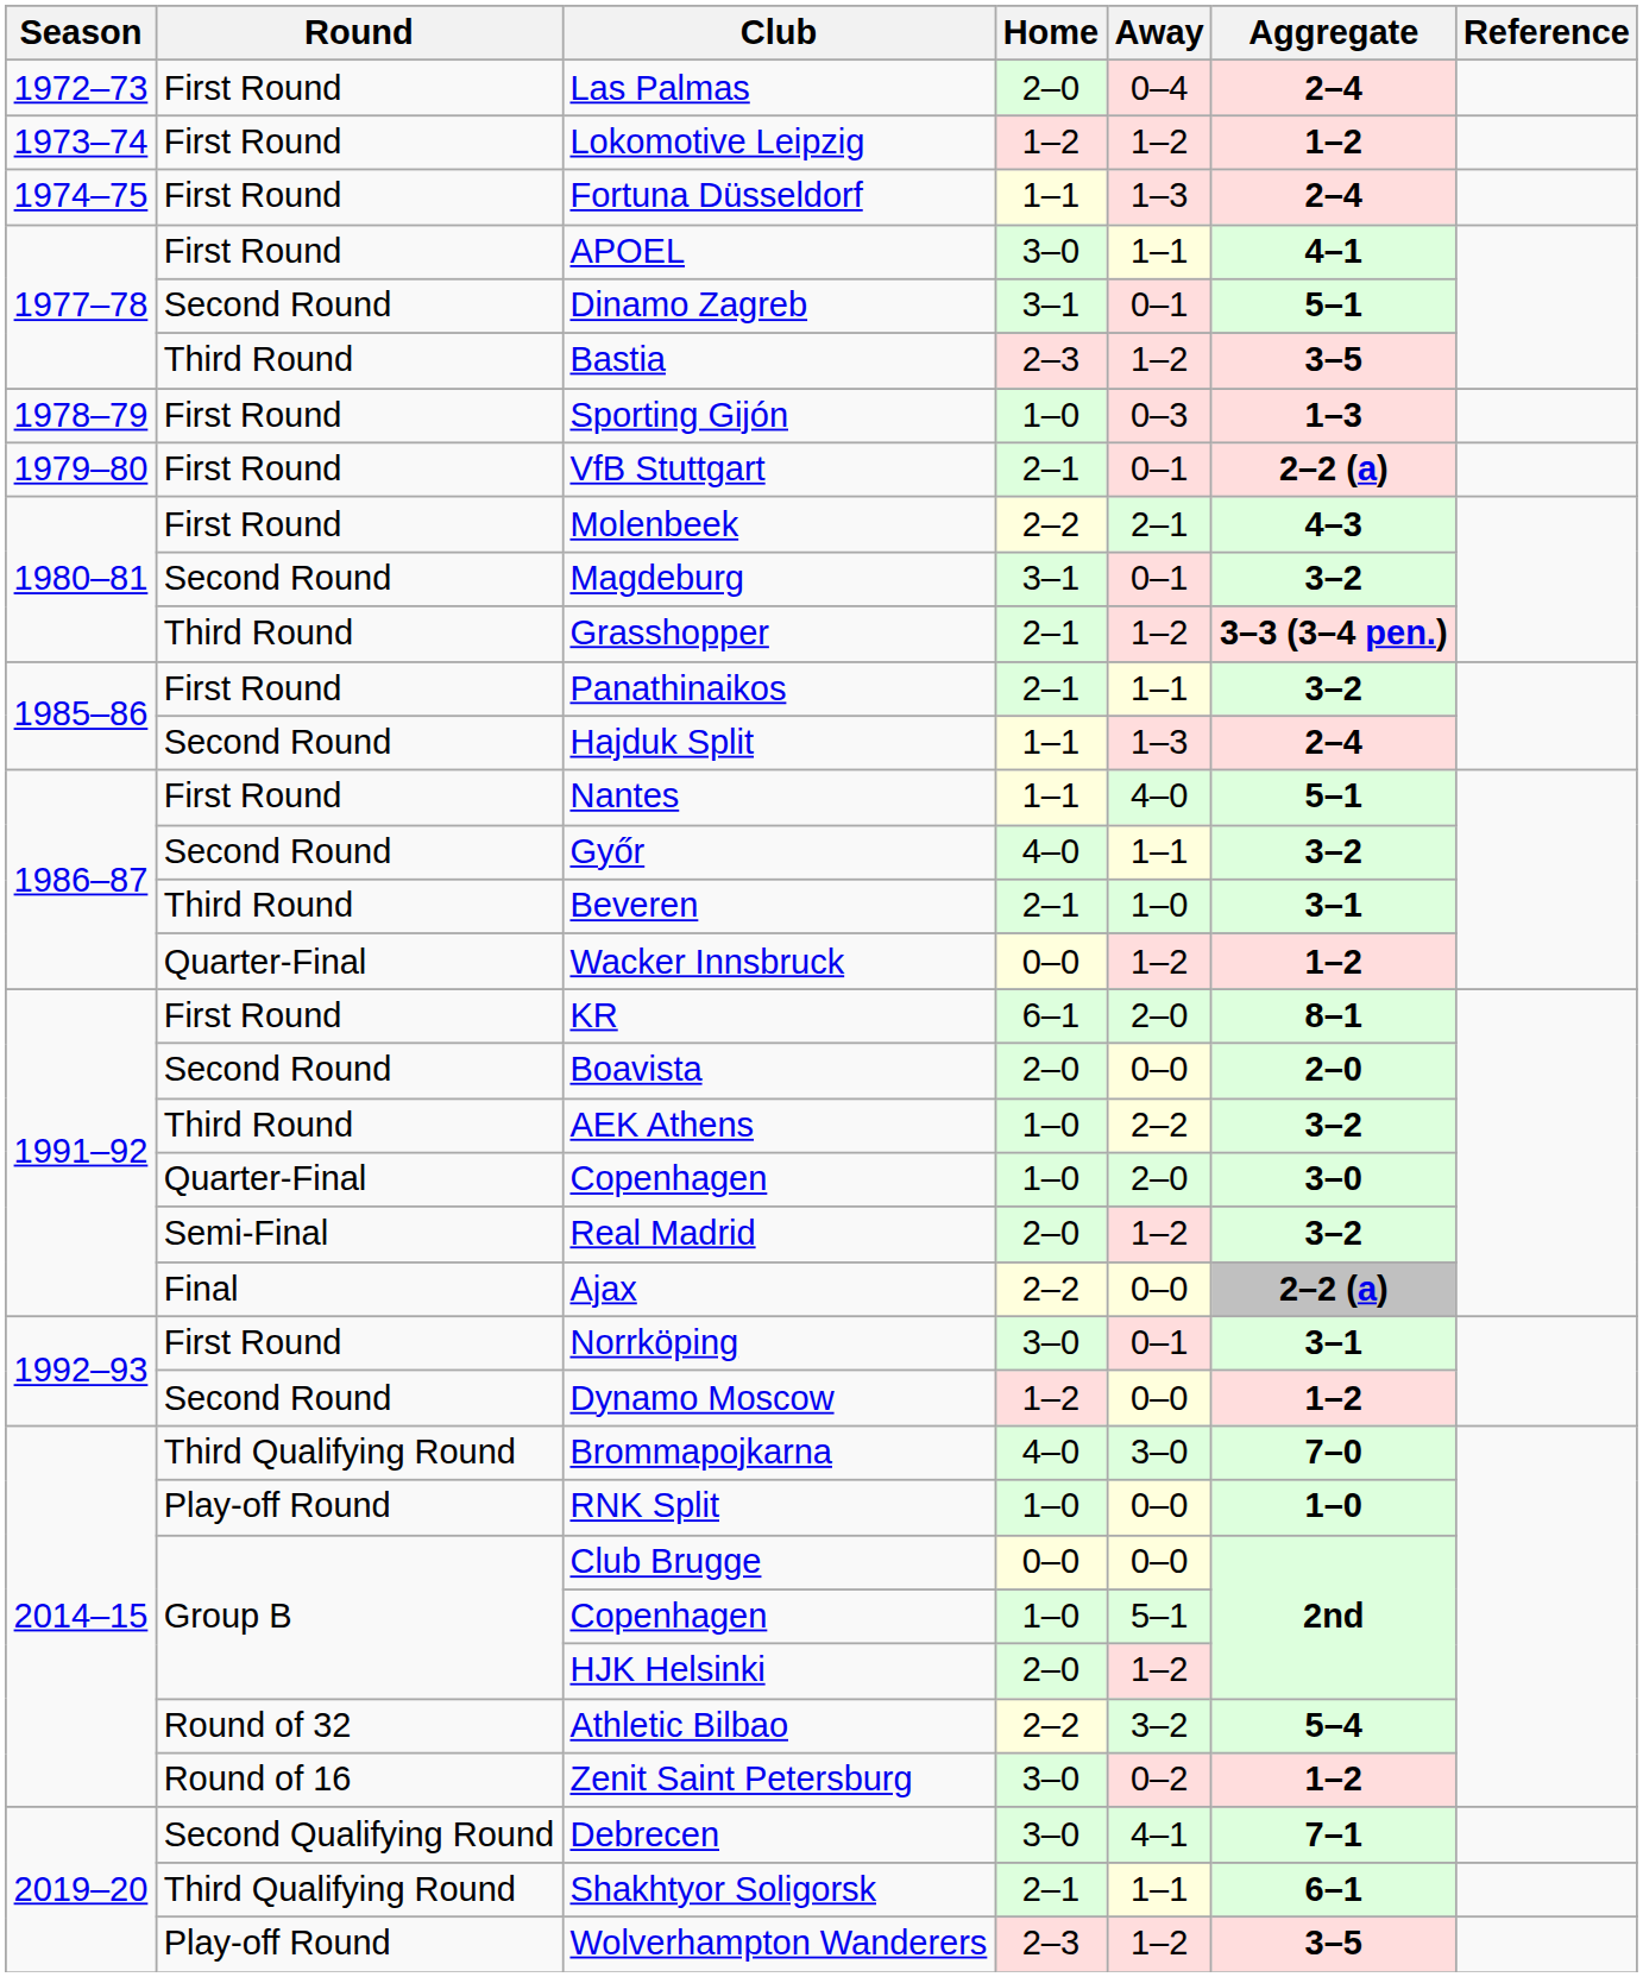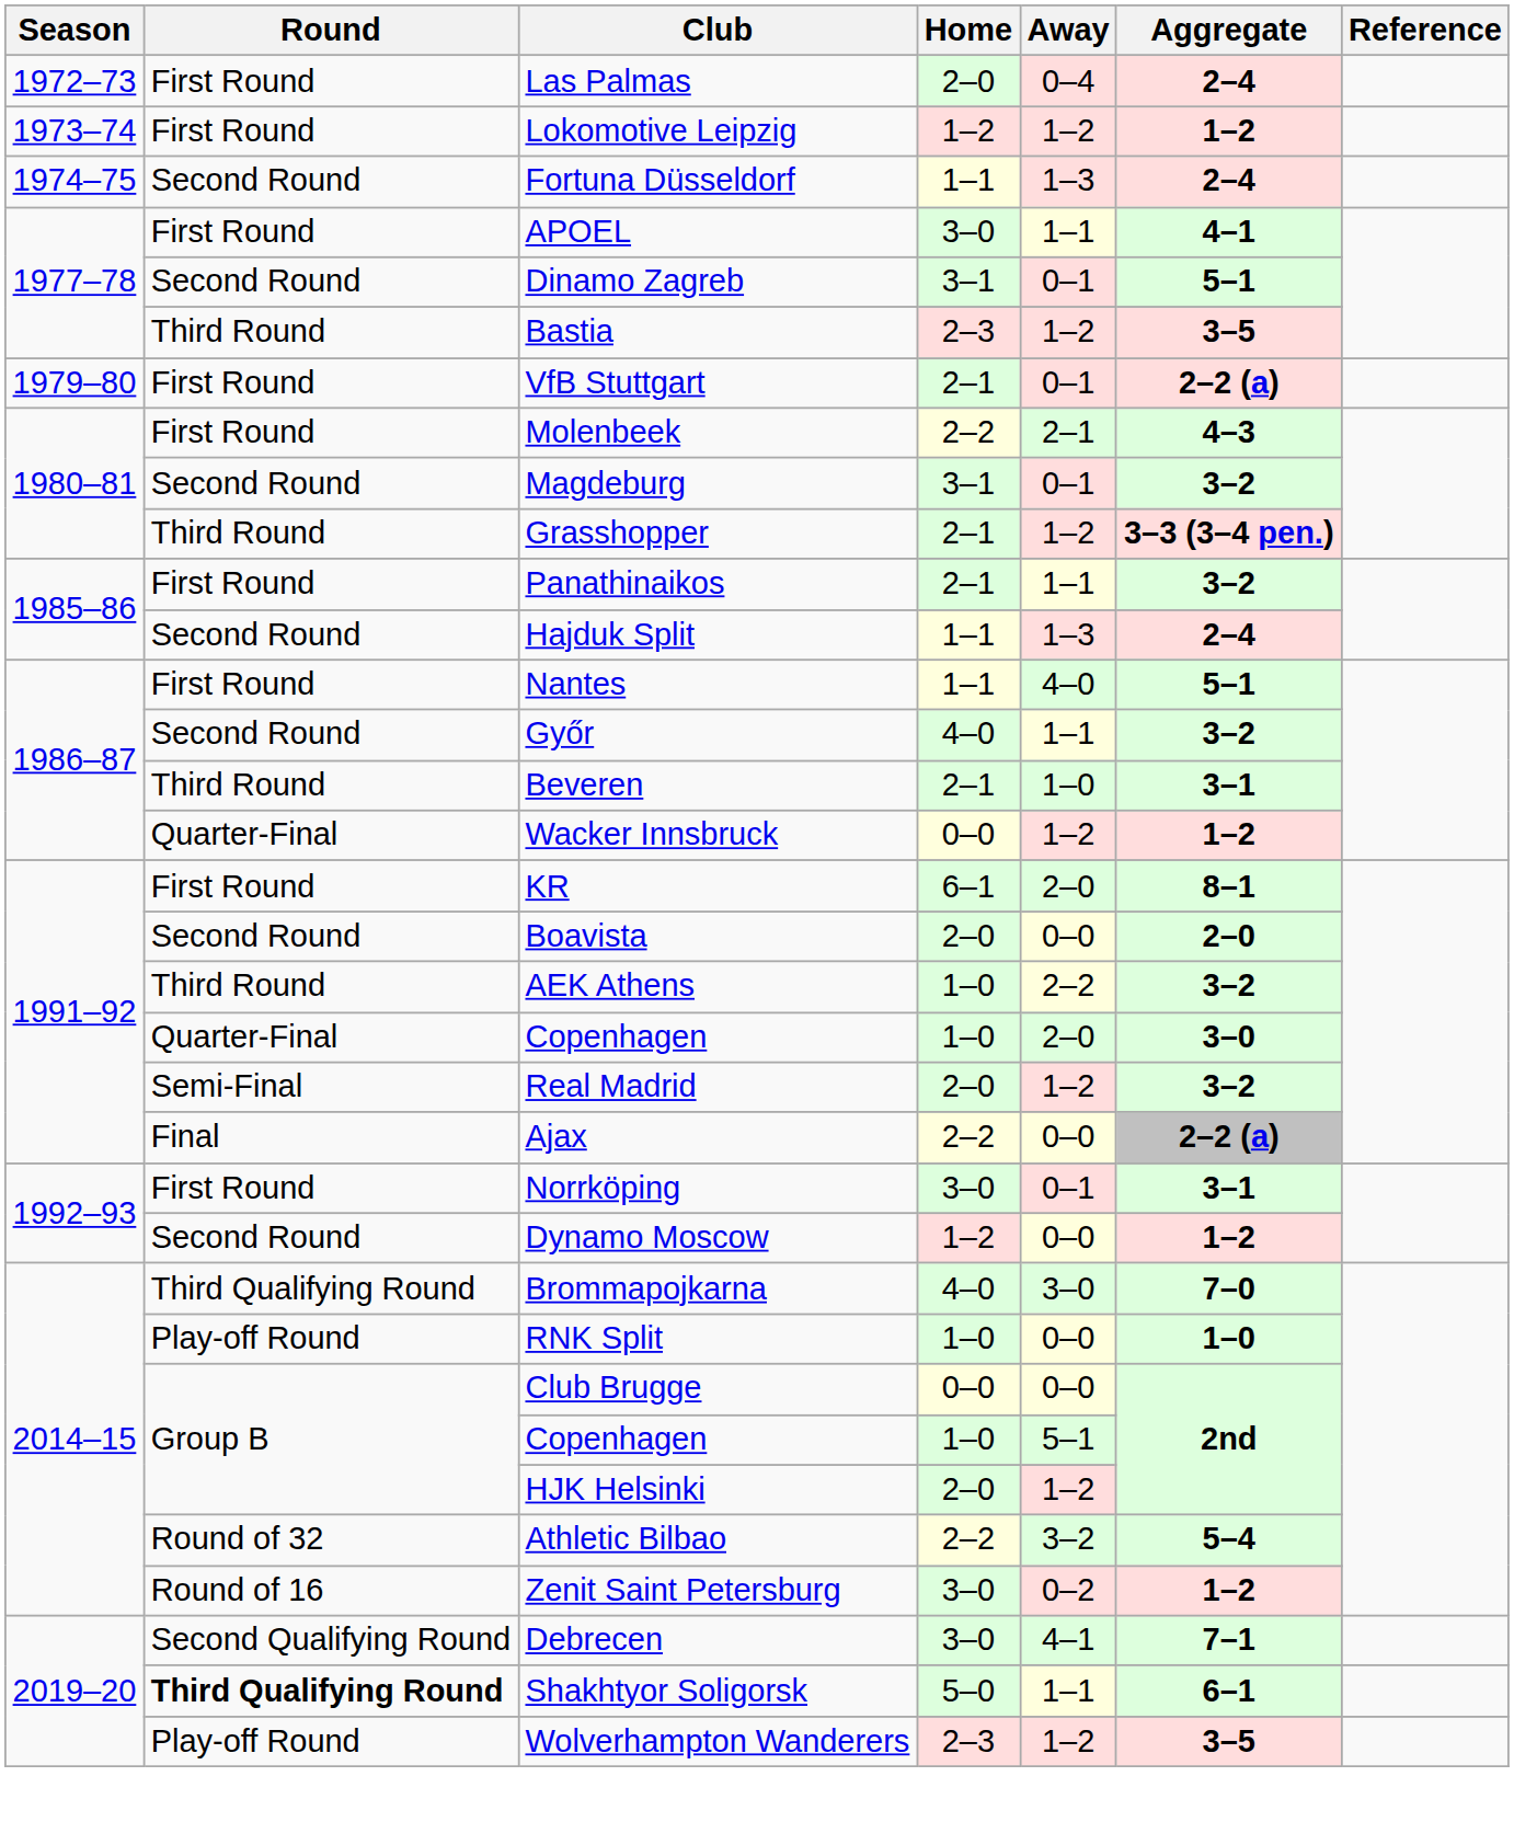 <table class="wikitable">
 <tr>
 <th>Season</th>
 <th>Round</th>
 <th>Club</th>
 <th>Home</th>
 <th>Away</th>
 <th>Aggregate</th>
 <th>Reference</th>
 </tr>
 <tr>
 <td><a href='#'>1972–73</a></td>
 <td>First Round</td>
 <td> <a href='#'>Las Palmas</a></td>
 <td style="text-align:center; background:#dfd;">2–0</td>
 <td style="text-align:center; background:#fdd;">0–4</td>
 <td style="text-align:center; background:#fdd"><strong>2–4</strong></td>
 <td style="text-align:center;"></td>
 </tr>
 <tr>
 <td><a href='#'>1973–74</a></td>
 <td>First Round</td>
 <td> <a href='#'>Lokomotive Leipzig</a></td>
 <td style="text-align:center; background:#fdd;">1–2</td>
 <td style="text-align:center; background:#fdd;">1–2</td>
 <td style="text-align:center; background:#fdd"><strong>1–2</strong></td>
 <td style="text-align:center;"></td>
 </tr>
 <tr>
 <td><a href='#'>1974–75</a></td>
-<td>First Round</td>
+<td>Second Round</td>
 <td> <a href='#'>Fortuna Düsseldorf</a></td>
 <td style="text-align:center; background:#ffd;">1–1</td>
 <td style="text-align:center; background:#fdd;">1–3</td>
 <td style="text-align:center; background:#fdd"><strong>2–4</strong></td>
 <td style="text-align:center;"></td>
 </tr>
 <tr>
 <td rowspan=3><a href='#'>1977–78</a></td>
 <td>First Round</td>
 <td> <a href='#'>APOEL</a></td>
 <td style="text-align:center; background:#dfd;">3–0</td>
 <td style="text-align:center; background:#ffd;">1–1</td>
 <td style="text-align:center; background:#dfd"><strong>4–1</strong></td>
 <td rowspan=3 style="text-align:center;"></td>
 </tr>
 <tr>
 <td>Second Round</td>
 <td> <a href='#'>Dinamo Zagreb</a></td>
 <td style="text-align:center; background:#dfd;">3–1</td>
 <td style="text-align:center; background:#fdd;">0–1</td>
 <td style="text-align:center; background:#dfd"><strong>5–1</strong></td>
 </tr>
 <tr>
 <td>Third Round</td>
 <td> <a href='#'>Bastia</a></td>
 <td style="text-align:center; background:#fdd;">2–3</td>
 <td style="text-align:center; background:#fdd;">1–2</td>
 <td style="text-align:center; background:#fdd"><strong>3–5</strong></td>
-</tr>
-<tr>
-<td><a href='#'>1978–79</a></td>
-<td>First Round</td>
-<td> <a href='#'>Sporting Gijón</a></td>
-<td style="text-align:center; background:#dfd;">1–0</td>
-<td style="text-align:center; background:#fdd;">0–3</td>
-<td style="text-align:center; background:#fdd"><strong>1–3</strong></td>
-<td style="text-align:center;"></td>
 </tr>
 <tr>
 <td><a href='#'>1979–80</a></td>
 <td>First Round</td>
 <td> <a href='#'>VfB Stuttgart</a></td>
 <td style="text-align:center; background:#dfd;">2–1</td>
 <td style="text-align:center; background:#fdd;">0–1</td>
 <td style="text-align:center; background:#fdd"><strong>2–2  (<a href='#'>a</a>)</strong></td>
 <td style="text-align:center;"></td>
 </tr>
 <tr>
 <td rowspan=3><a href='#'>1980–81</a><br></td>
 <td>First Round</td>
 <td> <a href='#'>Molenbeek</a></td>
 <td style="text-align:center; background:#ffd;">2–2 </td>
 <td style="text-align:center; background:#dfd;">2–1</td>
 <td style="text-align:center; background:#dfd"><strong>4–3</strong></td>
 <td rowspan=3 style="text-align:center;"></td>
 </tr>
 <tr>
 <td>Second Round</td>
 <td> <a href='#'>Magdeburg</a></td>
 <td style="text-align:center; background:#dfd;">3–1</td>
 <td style="text-align:center; background:#fdd;">0–1</td>
 <td style="text-align:center; background:#dfd"><strong>3–2</strong></td>
 </tr>
 <tr>
 <td>Third Round</td>
 <td> <a href='#'>Grasshopper</a></td>
 <td style="text-align:center; background:#dfd;">2–1</td>
 <td style="text-align:center; background:#fdd;">1–2</td>
 <td style="text-align:center; background:#fdd"><strong>3–3 (3–4 <a href='#'>pen.</a>)</strong></td>
 </tr>
 <tr>
 <td rowspan=2><a href='#'>1985–86</a></td>
 <td>First Round</td>
 <td> <a href='#'>Panathinaikos</a></td>
 <td style="text-align:center; background:#dfd;">2–1</td>
 <td style="text-align:center; background:#ffd;">1–1</td>
 <td style="text-align:center; background:#dfd"><strong>3–2</strong></td>
 <td rowspan=2 style="text-align:center;"></td>
 </tr>
 <tr>
 <td>Second Round</td>
 <td> <a href='#'>Hajduk Split</a></td>
 <td style="text-align:center; background:#ffd;">1–1</td>
 <td style="text-align:center; background:#fdd;">1–3</td>
 <td style="text-align:center; background:#fdd"><strong>2–4</strong></td>
 </tr>
 <tr>
 <td rowspan=4><a href='#'>1986–87</a></td>
 <td>First Round</td>
 <td> <a href='#'>Nantes</a></td>
 <td style="text-align:center; background:#ffd;">1–1</td>
 <td style="text-align:center; background:#dfd;">4–0</td>
 <td style="text-align:center; background:#dfd"><strong>5–1</strong></td>
 <td rowspan=4 style="text-align:center;"></td>
 </tr>
 <tr>
 <td>Second Round</td>
 <td> <a href='#'>Győr</a></td>
 <td style="text-align:center; background:#dfd;">4–0</td>
 <td style="text-align:center; background:#ffd;">1–1</td>
 <td style="text-align:center; background:#dfd"><strong>3–2</strong></td>
 </tr>
 <tr>
 <td>Third Round</td>
 <td> <a href='#'>Beveren</a></td>
 <td style="text-align:center; background:#dfd;">2–1</td>
 <td style="text-align:center; background:#dfd;">1–0</td>
 <td style="text-align:center; background:#dfd"><strong>3–1</strong></td>
 </tr>
 <tr>
 <td>Quarter-Final</td>
 <td> <a href='#'>Wacker Innsbruck</a></td>
 <td style="text-align:center; background:#ffd;">0–0</td>
 <td style="text-align:center; background:#fdd;">1–2</td>
 <td style="text-align:center; background:#fdd"><strong>1–2</strong></td>
 </tr>
 <tr>
 <td rowspan=6><a href='#'>1991–92</a></td>
 <td>First Round</td>
 <td> <a href='#'>KR</a></td>
 <td style="text-align:center; background:#dfd;">6–1</td>
 <td style="text-align:center; background:#dfd;">2–0</td>
 <td style="text-align:center; background:#dfd"><strong>8–1</strong></td>
 <td rowspan=6 style="text-align:center;"></td>
 </tr>
 <tr>
 <td>Second Round</td>
 <td> <a href='#'>Boavista</a></td>
 <td style="text-align:center; background:#dfd;">2–0</td>
 <td style="text-align:center; background:#ffd;">0–0</td>
 <td style="text-align:center; background:#dfd"><strong>2–0</strong></td>
 </tr>
 <tr>
 <td>Third Round</td>
 <td> <a href='#'>AEK Athens</a></td>
 <td style="text-align:center; background:#dfd;">1–0</td>
 <td style="text-align:center; background:#ffd;">2–2</td>
 <td style="text-align:center; background:#dfd"><strong>3–2</strong></td>
 </tr>
 <tr>
 <td>Quarter-Final</td>
 <td> <a href='#'>Copenhagen</a></td>
 <td style="text-align:center; background:#dfd;">1–0</td>
 <td style="text-align:center; background:#dfd;">2–0</td>
 <td style="text-align:center; background:#dfd"><strong>3–0</strong></td>
 </tr>
 <tr>
 <td>Semi-Final</td>
 <td> <a href='#'>Real Madrid</a></td>
 <td style="text-align:center; background:#dfd;">2–0</td>
 <td style="text-align:center; background:#fdd;">1–2</td>
 <td style="text-align:center; background:#dfd"><strong>3–2</strong></td>
 </tr>
 <tr>
 <td>Final</td>
 <td> <a href='#'>Ajax</a></td>
 <td style="text-align:center; background:#ffd;">2–2</td>
 <td style="text-align:center; background:#ffd;">0–0</td>
 <td bgcolor=Silver style="text-align:center;"><strong>2–2  (<a href='#'>a</a>)</strong></td>
 </tr>
 <tr>
 <td rowspan=2><a href='#'>1992–93</a></td>
 <td>First Round</td>
 <td> <a href='#'>Norrköping</a></td>
 <td style="text-align:center; background:#dfd;">3–0</td>
 <td style="text-align:center; background:#fdd;">0–1</td>
 <td style="text-align:center; background:#dfd"><strong>3–1</strong></td>
 <td rowspan=2 style="text-align:center;"></td>
 </tr>
 <tr>
 <td>Second Round</td>
 <td> <a href='#'>Dynamo Moscow</a></td>
 <td style="text-align:center; background:#fdd;">1–2</td>
 <td style="text-align:center; background:#ffd;">0–0</td>
 <td style="text-align:center; background:#fdd"><strong>1–2</strong></td>
 </tr>
 <tr>
 <td rowspan=7><a href='#'>2014–15</a><br></td>
 <td>Third Qualifying Round</td>
 <td> <a href='#'>Brommapojkarna</a></td>
 <td style="text-align:center; background:#dfd;">4–0</td>
 <td style="text-align:center; background:#dfd;">3–0</td>
 <td style="text-align:center; background:#dfd"><strong>7–0</strong></td>
 <td rowspan=7 style="text-align:center;"></td>
 </tr>
 <tr>
 <td>Play-off Round</td>
 <td> <a href='#'>RNK Split</a></td>
 <td style="text-align:center; background:#dfd;">1–0</td>
 <td style="text-align:center; background:#ffd;">0–0</td>
 <td style="text-align:center; background:#dfd"><strong>1–0</strong></td>
 </tr>
 <tr>
 <td rowspan=3>Group B</td>
 <td> <a href='#'>Club Brugge</a></td>
 <td style="text-align:center; background:#ffd;">0–0</td>
 <td style="text-align:center; background:#ffd;">0–0</td>
 <td style="text-align:center; background:#dfd" rowspan=3><strong>2nd</strong></td>
 </tr>
 <tr>
 <td> <a href='#'>Copenhagen</a></td>
 <td style="text-align:center; background:#dfd;">1–0</td>
 <td style="text-align:center; background:#dfd;">5–1</td>
 </tr>
 <tr>
 <td> <a href='#'>HJK Helsinki</a></td>
 <td style="text-align:center; background:#dfd;">2–0</td>
 <td style="text-align:center; background:#fdd;">1–2</td>
 </tr>
 <tr>
 <td>Round of 32</td>
 <td> <a href='#'>Athletic Bilbao</a></td>
 <td style="text-align:center; background:#ffd;">2–2</td>
 <td style="text-align:center; background:#dfd;">3–2</td>
 <td style="text-align:center; background:#dfd;"><strong>5–4</strong></td>
 </tr>
 <tr>
 <td>Round of 16</td>
 <td> <a href='#'>Zenit Saint Petersburg</a></td>
 <td style="text-align:center; background:#dfd;">3–0</td>
 <td style="text-align:center; background:#fdd;">0–2</td>
 <td style="text-align:center; background:#fdd;"><strong>1–2</strong></td>
 </tr>
 <tr>
 <td rowspan=3><a href='#'>2019–20</a><br></td>
 <td>Second Qualifying Round</td>
 <td> <a href='#'>Debrecen</a></td>
 <td style="text-align:center; background:#dfd;">3–0</td>
 <td style="text-align:center; background:#dfd;">4–1</td>
 <td style="text-align:center; background:#dfd;"><strong>7–1</strong></td>
 <td style="text-align:center;"></td>
 </tr>
 <tr>
-<td>Third Qualifying Round</td>
+<td><strong>Third Qualifying Round</strong></td>
 <td> <a href='#'>Shakhtyor Soligorsk</a></td>
-<td style="text-align:center; background:#dfd;">2–1</td>
+<td style="text-align:center; background:#dfd;">5–0</td>
 <td style="text-align:center; background:#ffd;">1–1</td>
 <td style="text-align:center; background:#dfd;"><strong>6–1</strong></td>
 <td style="text-align:center;"></td>
 </tr>
 <tr>
 <td>Play-off Round</td>
 <td> <a href='#'>Wolverhampton Wanderers</a></td>
 <td style="text-align:center; background:#fdd;">2–3</td>
 <td style="text-align:center; background:#fdd;">1–2</td>
 <td style="text-align:center; background:#fdd;"><strong>3–5</strong></td>
 <td style="text-align:center;"></td>
 </tr>
 </table>
